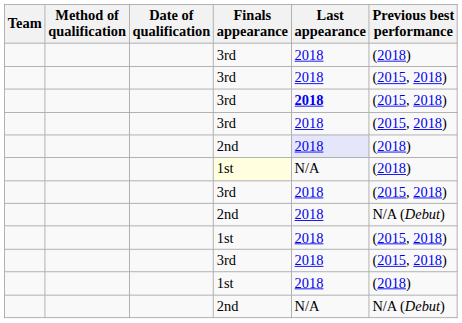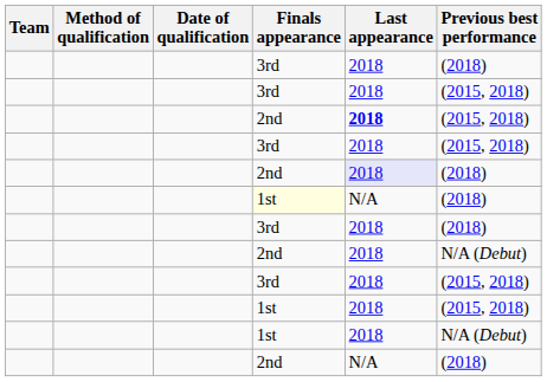 <table class="wikitable sortable" style="text-align:left;">
 <tr>
 <th>Team</th>
 <th>Method of<br>qualification</th>
 <th>Date of<br>qualification</th>
 <th data-sort-type="number">Finals<br>appearance</th>
 <th>Last<br>appearance</th>
 <th>Previous best<br>performance</th>
 </tr>
 <tr>
 <td></td>
 <td></td>
 <td></td>
 <td>3rd</td>
 <td><a href='#'>2018</a></td>
 <td> (<a href='#'>2018</a>)</td>
 </tr>
 <tr>
 <td></td>
 <td></td>
 <td></td>
 <td>3rd</td>
 <td><a href='#'>2018</a></td>
 <td> (<a href='#'>2015</a>, <a href='#'>2018</a>)</td>
 </tr>
 <tr>
 <td></td>
 <td></td>
 <td></td>
-<td>3rd</td>
+<td>2nd</td>
 <td><strong><a href='#'>2018</a></strong></td>
 <td> (<a href='#'>2015</a>, <a href='#'>2018</a>)</td>
 </tr>
 <tr>
 <td></td>
 <td></td>
 <td></td>
 <td>3rd</td>
 <td><a href='#'>2018</a></td>
 <td> (<a href='#'>2015</a>, <a href='#'>2018</a>)</td>
 </tr>
 <tr>
 <td></td>
 <td></td>
 <td></td>
 <td>2nd</td>
 <td style="background: lavender;"><a href='#'>2018</a></td>
 <td> (<a href='#'>2018</a>)</td>
 </tr>
 <tr>
 <td></td>
 <td></td>
 <td></td>
 <td style="background: lightyellow;">1st</td>
 <td>N/A</td>
 <td> (<a href='#'>2018</a>)</td>
 </tr>
 <tr>
 <td></td>
 <td></td>
 <td></td>
 <td>3rd</td>
 <td><a href='#'>2018</a></td>
-<td> (<a href='#'>2015</a>, <a href='#'>2018</a>)</td>
+<td> (<a href='#'>2018</a>)</td>
 </tr>
 <tr>
 <td></td>
 <td></td>
 <td></td>
 <td>2nd</td>
 <td><a href='#'>2018</a></td>
 <td>N/A (<em>Debut</em>)</td>
-</tr>
-<tr>
-<td></td>
-<td></td>
-<td></td>
-<td>1st</td>
-<td><a href='#'>2018</a></td>
-<td> (<a href='#'>2015</a>, <a href='#'>2018</a>)</td>
 </tr>
 <tr>
 <td></td>
 <td></td>
 <td></td>
 <td>3rd</td>
 <td><a href='#'>2018</a></td>
 <td> (<a href='#'>2015</a>, <a href='#'>2018</a>)</td>
 </tr>
 <tr>
 <td></td>
 <td></td>
 <td></td>
 <td>1st</td>
 <td><a href='#'>2018</a></td>
-<td> (<a href='#'>2018</a>)</td>
+<td> (<a href='#'>2015</a>, <a href='#'>2018</a>)</td>
+</tr>
+<tr>
+<td></td>
+<td></td>
+<td></td>
+<td>1st</td>
+<td><a href='#'>2018</a></td>
+<td>N/A (<em>Debut</em>)</td>
 </tr>
 <tr>
 <td></td>
 <td></td>
 <td></td>
 <td>2nd</td>
 <td>N/A</td>
-<td>N/A (<em>Debut</em>)</td>
+<td> (<a href='#'>2018</a>)</td>
 </tr>
 </table>
